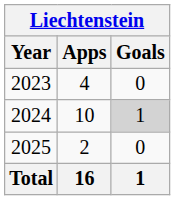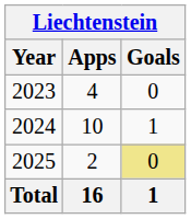 <table class="wikitable" style="text-align:center">
 <tr>
 <th colspan=3><a href='#'>Liechtenstein</a></th>
 </tr>
 <tr>
 <th>Year</th>
 <th>Apps</th>
 <th>Goals</th>
 </tr>
 <tr>
 <td>2023</td>
 <td>4</td>
 <td>0</td>
 </tr>
 <tr>
 <td>2024</td>
 <td>10</td>
-<td style="background: lightgrey;">1</td>
+<td>1</td>
 </tr>
 <tr>
 <td>2025</td>
 <td>2</td>
-<td>0</td>
+<td style="background: khaki;">0</td>
 </tr>
 <tr>
 <th>Total</th>
 <th>16</th>
 <th>1</th>
 </tr>
 </table>
